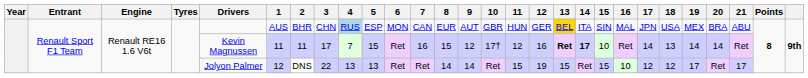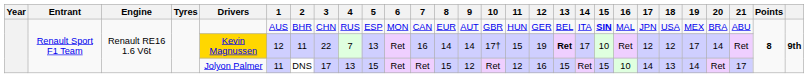 <table class="wikitable" style="text-align:center; font-size:90%">
 <tr>
 <th>Year</th>
 <th>Entrant</th>
 <th>Engine</th>
 <th>Tyres</th>
 <th>Drivers</th>
 <th>1</th>
 <th>2</th>
 <th>3</th>
 <th>4</th>
 <th>5</th>
 <th>6</th>
 <th>7</th>
 <th>8</th>
 <th>9</th>
 <th>10</th>
 <th>11</th>
 <th>12</th>
 <th>13</th>
 <th>14</th>
 <th>15</th>
 <th>16</th>
 <th>17</th>
 <th>18</th>
 <th>19</th>
 <th>20</th>
 <th>21</th>
 <th>Points</th>
 <th></th>
 </tr>
 <tr>
 <th rowspan=3></th>
 <td rowspan=3><a href='#'>Renault Sport F1 Team</a></td>
 <td rowspan=3>Renault RE16 1.6 V6t</td>
 <td rowspan=3></td>
 <td></td>
 <td><a href='#'>AUS</a></td>
 <td><a href='#'>BHR</a></td>
 <td><a href='#'>CHN</a></td>
-<td style="background: lightblue;"><a href='#'>RUS</a></td>
+<td><a href='#'>RUS</a></td>
 <td><a href='#'>ESP</a></td>
 <td><a href='#'>MON</a></td>
 <td><a href='#'>CAN</a></td>
 <td><a href='#'>EUR</a></td>
 <td><a href='#'>AUT</a></td>
 <td><a href='#'>GBR</a></td>
 <td><a href='#'>HUN</a></td>
 <td><a href='#'>GER</a></td>
-<td style="background: gold;"><a href='#'>BEL</a></td>
+<td><a href='#'>BEL</a></td>
 <td><a href='#'>ITA</a></td>
-<td><a href='#'>SIN</a></td>
+<td><strong><a href='#'>SIN</a></strong></td>
 <td><a href='#'>MAL</a></td>
 <td><a href='#'>JPN</a></td>
 <td><a href='#'>USA</a></td>
 <td><a href='#'>MEX</a></td>
 <td><a href='#'>BRA</a></td>
 <td><a href='#'>ABU</a></td>
 <td rowspan="3" style="background-color:"><strong>8</strong></td>
 <td rowspan="3" style="background-color:"><strong>9th</strong></td>
 </tr>
 <tr>
-<td align="center"><a href='#'>Kevin Magnussen</a></td>
+<td align="center" style="background: gold;"><a href='#'>Kevin Magnussen</a></td>
+<td style="background-color:#CFCFFF">12</td>
 <td style="background-color:#CFCFFF">11</td>
-<td style="background-color:#CFCFFF">11</td>
-<td style="background-color:#CFCFFF">17</td>
+<td style="background-color:#CFCFFF">22</td>
 <td style="background-color:#DFFFDF">7</td>
-<td style="background-color:#CFCFFF">15</td>
+<td style="background-color:#CFCFFF">13</td>
 <td style="background-color:#efcfff">Ret</td>
 <td style="background-color:#CFCFFF">16</td>
+<td style="background-color:#CFCFFF">14</td>
+<td style="background-color:#CFCFFF">14</td>
+<td style="background-color:#CFCFFF">17†</td>
 <td style="background-color:#CFCFFF">15</td>
-<td style="background-color:#CFCFFF">12</td>
-<td style="background-color:#CFCFFF">17†</td>
-<td style="background-color:#CFCFFF">12</td>
-<td style="background-color:#CFCFFF">16</td>
+<td style="background-color:#CFCFFF">19</td>
 <td style="background-color:#efcfff"><strong>Ret</strong></td>
-<td style="background-color:#CFCFFF"><strong>17</strong></td>
+<td style="background-color:#CFCFFF">17</td>
 <td style="background-color:#DFFFDF">10</td>
 <td style="background-color:#efcfff">Ret</td>
-<td style="background-color:#CFCFFF">14</td>
-<td style="background-color:#CFCFFF">13</td>
-<td style="background-color:#CFCFFF">14</td>
+<td style="background-color:#CFCFFF">12</td>
+<td style="background-color:#CFCFFF">12</td>
+<td style="background-color:#CFCFFF">17</td>
 <td style="background-color:#CFCFFF">14</td>
 <td style="background-color:#efcfff">Ret</td>
 </tr>
 <tr>
 <td align="center"><a href='#'>Jolyon Palmer</a></td>
-<td style="background-color:#CFCFFF">12</td>
+<td style="background-color:#CFCFFF">11</td>
 <td style="background-color:#FFFFFF">DNS</td>
-<td style="background-color:#CFCFFF">22</td>
+<td style="background-color:#CFCFFF">17</td>
 <td style="background-color:#CFCFFF">13</td>
-<td style="background-color:#CFCFFF">13</td>
+<td style="background-color:#CFCFFF">15</td>
 <td style="background-color:#efcfff">Ret</td>
 <td style="background-color:#efcfff">Ret</td>
-<td style="background-color:#CFCFFF">14</td>
-<td style="background-color:#CFCFFF">14</td>
+<td style="background-color:#CFCFFF">15</td>
+<td style="background-color:#CFCFFF">12</td>
 <td style="background-color:#efcfff">Ret</td>
-<td style="background-color:#CFCFFF">15</td>
-<td style="background-color:#CFCFFF">19</td>
+<td style="background-color:#CFCFFF">12</td>
+<td style="background-color:#CFCFFF">16</td>
 <td style="background-color:#CFCFFF">15</td>
 <td style="background-color:#efcfff">Ret</td>
 <td style="background-color:#CFCFFF">15</td>
 <td style="background-color:#DFFFDF">10</td>
-<td style="background-color:#CFCFFF">12</td>
-<td style="background-color:#CFCFFF">12</td>
-<td style="background-color:#CFCFFF">17</td>
+<td style="background-color:#CFCFFF">14</td>
+<td style="background-color:#CFCFFF">13</td>
+<td style="background-color:#CFCFFF">14</td>
 <td style="background-color:#efcfff">Ret</td>
 <td style="background-color:#CFCFFF">17</td>
 </tr>
 </table>
